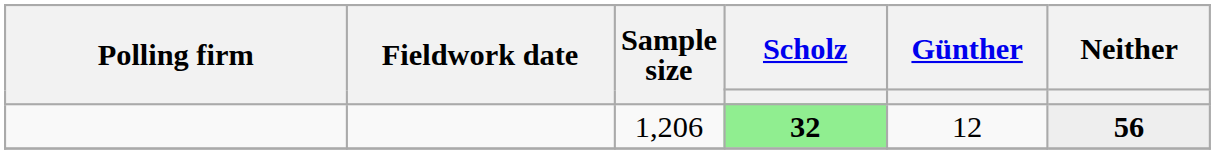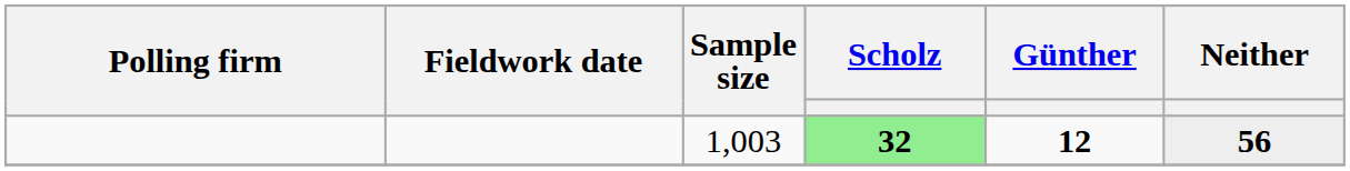 <table class="wikitable sortable mw-datatable" style="text-align:center;font-size:90%;line-height:14px;">
 <tr style="height:40px;">
 <th style="width:155px;" rowspan="2">Polling firm</th>
 <th style="width:120px;" rowspan="2">Fieldwork date</th>
 <th style="width: 35px;" rowspan="2">Sample<br>size</th>
 <th class="unsortable" style="width:70px;"><a href='#'>Scholz</a><br></th>
 <th class="unsortable" style="width:70px;"><a href='#'>Günther</a><br></th>
 <th class="unsortable" style="width:70px;">Neither</th>
 </tr>
 <tr>
 <th style="background:"></th>
 <th style="background:"></th>
 <th style="background:"></th>
 </tr>
 <tr>
 <td></td>
 <td></td>
-<td>1,206</td>
+<td>1,003</td>
 <td style="background: lightgreen;"><strong>32</strong></td>
-<td>12</td>
+<td><strong>12</strong></td>
 <td style="background:#EEEEEE;"><strong>56</strong></td>
 </tr>
 <tr>
 </tr>
 </table>
